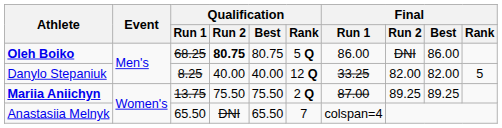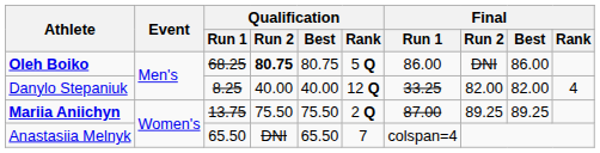 <table class=wikitable style=font-size:90%;text-align:center>
 <tr>
 <th rowspan=2>Athlete</th>
 <th rowspan=2>Event</th>
 <th colspan=4>Qualification</th>
 <th colspan=4>Final</th>
 </tr>
 <tr style=font-size:95%>
 <th>Run 1</th>
 <th>Run 2</th>
 <th>Best</th>
 <th>Rank</th>
 <th>Run 1</th>
 <th>Run 2</th>
 <th>Best</th>
 <th>Rank</th>
 </tr>
 <tr>
 <td align=left><strong><a href='#'>Oleh Boiko</a></strong></td>
 <td align=left rowspan=2><a href='#'>Men's</a></td>
 <td><s>68.25</s></td>
 <td><strong>80.75</strong></td>
 <td>80.75</td>
 <td>5 <strong>Q</strong></td>
 <td>86.00</td>
 <td><s>DNI</s></td>
 <td>86.00</td>
 <td></td>
 </tr>
 <tr>
 <td align=left><a href='#'>Danylo Stepaniuk</a></td>
 <td><s>8.25</s></td>
 <td>40.00</td>
 <td>40.00</td>
 <td>12 <strong>Q</strong></td>
 <td><s>33.25</s></td>
 <td>82.00</td>
 <td>82.00</td>
-<td>5</td>
+<td>4</td>
 </tr>
 <tr>
 <td align=left><strong><a href='#'>Mariia Aniichyn</a></strong></td>
 <td align=left rowspan=2><a href='#'>Women's</a></td>
 <td><s>13.75</s></td>
 <td>75.50</td>
 <td>75.50</td>
 <td>2 <strong>Q</strong></td>
 <td><s>87.00</s></td>
 <td>89.25</td>
 <td>89.25</td>
 <td></td>
 </tr>
 <tr>
 <td align=left><a href='#'>Anastasiia Melnyk</a></td>
 <td>65.50</td>
 <td><s>DNI</s></td>
 <td>65.50</td>
 <td>7</td>
 <td>colspan=4 </td>
 </tr>
 </table>
